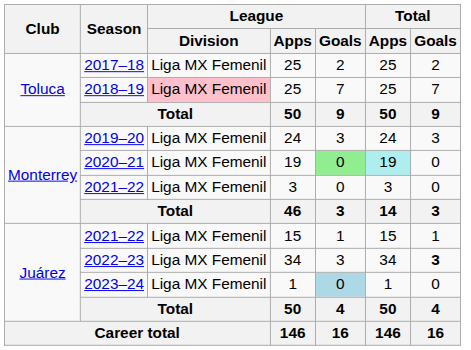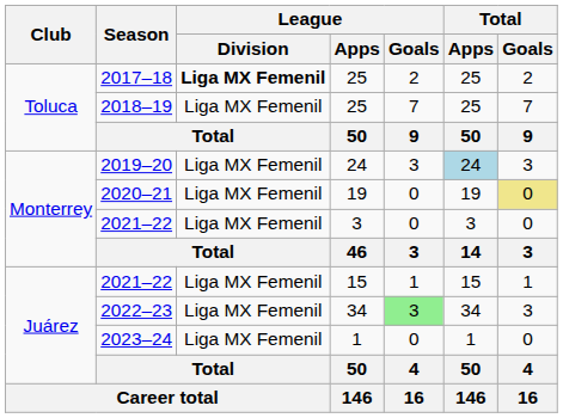 <table class=wikitable style="text-align: center;">
 <tr>
 <th rowspan=2>Club</th>
 <th rowspan=2>Season</th>
 <th colspan=3>League</th>
 <th colspan=2>Total</th>
 </tr>
 <tr>
 <th>Division</th>
 <th>Apps</th>
 <th>Goals</th>
 <th>Apps</th>
 <th>Goals</th>
 </tr>
 <tr>
 <td rowspan="3"><a href='#'>Toluca</a></td>
 <td><a href='#'>2017–18</a></td>
-<td>Liga MX Femenil</td>
+<td><strong>Liga MX Femenil</strong></td>
 <td>25</td>
 <td>2</td>
 <td>25</td>
 <td>2</td>
 </tr>
 <tr>
 <td><a href='#'>2018–19</a></td>
-<td style="background: pink;">Liga MX Femenil</td>
+<td>Liga MX Femenil</td>
 <td>25</td>
 <td>7</td>
 <td>25</td>
 <td>7</td>
 </tr>
 <tr>
 <th colspan="2">Total</th>
 <th>50</th>
 <th>9</th>
 <th>50</th>
 <th>9</th>
 </tr>
 <tr>
 <td rowspan="4"><a href='#'>Monterrey</a></td>
 <td><a href='#'>2019–20</a></td>
 <td>Liga MX Femenil</td>
 <td>24</td>
 <td>3</td>
-<td>24</td>
+<td style="background: lightblue;">24</td>
 <td>3</td>
 </tr>
 <tr>
 <td><a href='#'>2020–21</a></td>
 <td>Liga MX Femenil</td>
 <td>19</td>
-<td style="background: lightgreen;">0</td>
-<td style="background: paleturquoise;">19</td>
 <td>0</td>
+<td>19</td>
+<td style="background: khaki;">0</td>
 </tr>
 <tr>
 <td><a href='#'>2021–22</a></td>
 <td>Liga MX Femenil</td>
 <td>3</td>
 <td>0</td>
 <td>3</td>
 <td>0</td>
 </tr>
 <tr>
 <th colspan="2">Total</th>
 <th>46</th>
 <th>3</th>
 <th>14</th>
 <th>3</th>
 </tr>
 <tr>
 <td rowspan="4"><a href='#'>Juárez</a></td>
 <td><a href='#'>2021–22</a></td>
 <td>Liga MX Femenil</td>
 <td>15</td>
 <td>1</td>
 <td>15</td>
 <td>1</td>
 </tr>
 <tr>
 <td><a href='#'>2022–23</a></td>
 <td>Liga MX Femenil</td>
 <td>34</td>
+<td style="background: lightgreen;">3</td>
+<td>34</td>
 <td>3</td>
-<td>34</td>
-<td><strong>3</strong></td>
 </tr>
 <tr>
 <td><a href='#'>2023–24</a></td>
 <td>Liga MX Femenil</td>
 <td>1</td>
-<td style="background: lightblue;">0</td>
+<td>0</td>
 <td>1</td>
 <td>0</td>
 </tr>
 <tr>
 <th colspan="2">Total</th>
 <th>50</th>
 <th>4</th>
 <th>50</th>
 <th>4</th>
 </tr>
 <tr>
 <th colspan="3">Career total</th>
 <th>146</th>
 <th>16</th>
 <th>146</th>
 <th>16</th>
 </tr>
 </table>
